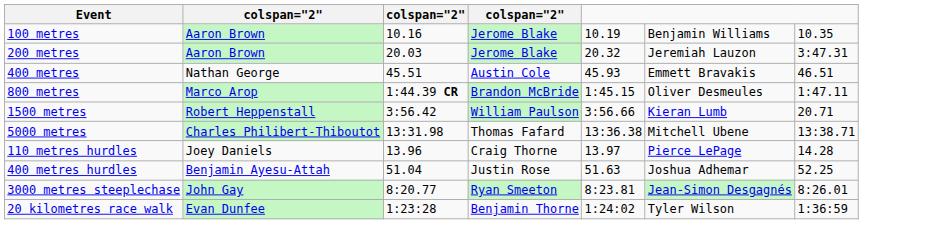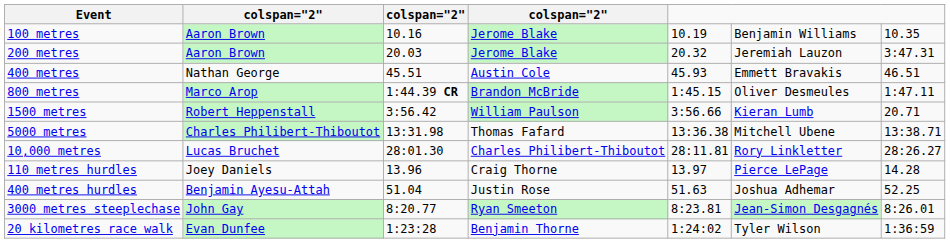 <table class="wikitable">
 <tr>
 <th>Event</th>
 <th>colspan="2" </th>
 <th>colspan="2" </th>
 <th>colspan="2" </th>
 </tr>
 <tr>
 <td><a href='#'>100 metres</a></td>
 <td bgcolor=#C4F7C4><a href='#'>Aaron Brown</a></td>
 <td>10.16</td>
 <td bgcolor=#C4F7C4><a href='#'>Jerome Blake</a></td>
 <td>10.19</td>
 <td>Benjamin Williams</td>
 <td>10.35</td>
 </tr>
 <tr>
 <td><a href='#'>200 metres</a></td>
 <td bgcolor=#C4F7C4><a href='#'>Aaron Brown</a></td>
 <td>20.03</td>
 <td bgcolor=#C4F7C4><a href='#'>Jerome Blake</a></td>
 <td>20.32</td>
 <td>Jeremiah Lauzon</td>
 <td>3:47.31</td>
 </tr>
 <tr>
 <td><a href='#'>400 metres</a></td>
 <td>Nathan George</td>
 <td>45.51</td>
 <td><a href='#'>Austin Cole</a></td>
 <td>45.93</td>
 <td>Emmett Bravakis</td>
 <td>46.51</td>
 </tr>
 <tr>
 <td><a href='#'>800 metres</a></td>
 <td bgcolor=#C4F7C4><a href='#'>Marco Arop</a></td>
 <td>1:44.39 <strong>CR</strong></td>
 <td bgcolor=#C4F7C4><a href='#'>Brandon McBride</a></td>
 <td>1:45.15</td>
 <td>Oliver Desmeules</td>
 <td>1:47.11</td>
 </tr>
 <tr>
 <td><a href='#'>1500 metres</a></td>
 <td bgcolor=#C4F7C4><a href='#'>Robert Heppenstall</a></td>
 <td>3:56.42</td>
 <td bgcolor=#C4F7C4><a href='#'>William Paulson</a></td>
 <td>3:56.66</td>
 <td><a href='#'>Kieran Lumb</a></td>
 <td>20.71</td>
 </tr>
 <tr>
 <td><a href='#'>5000 metres</a></td>
 <td bgcolor=#C4F7C4><a href='#'>Charles Philibert-Thiboutot</a></td>
 <td>13:31.98</td>
 <td>Thomas Fafard</td>
 <td>13:36.38</td>
 <td>Mitchell Ubene</td>
 <td>13:38.71</td>
 </tr>
 <tr>
+<td><a href='#'>10,000 metres</a></td>
+<td><a href='#'>Lucas Bruchet</a></td>
+<td>28:01.30</td>
+<td><a href='#'>Charles Philibert-Thiboutot</a></td>
+<td>28:11.81</td>
+<td><a href='#'>Rory Linkletter</a></td>
+<td>28:26.27</td>
+</tr>
+<tr>
 <td><a href='#'>110 metres hurdles</a></td>
 <td>Joey Daniels</td>
 <td>13.96</td>
 <td>Craig Thorne</td>
 <td>13.97</td>
 <td><a href='#'>Pierce LePage</a></td>
 <td>14.28</td>
 </tr>
 <tr>
 <td><a href='#'>400 metres hurdles</a></td>
 <td><a href='#'>Benjamin Ayesu-Attah</a></td>
 <td>51.04</td>
 <td>Justin Rose</td>
 <td>51.63</td>
 <td>Joshua Adhemar</td>
 <td>52.25</td>
 </tr>
 <tr>
 <td><a href='#'>3000 metres steeplechase</a></td>
 <td bgcolor=#C4F7C4><a href='#'>John Gay</a></td>
 <td>8:20.77</td>
 <td bgcolor=#C4F7C4><a href='#'>Ryan Smeeton</a></td>
 <td>8:23.81</td>
 <td bgcolor=#C4F7C4><a href='#'>Jean-Simon Desgagnés</a></td>
 <td>8:26.01</td>
 </tr>
 <tr>
 <td><a href='#'>20 kilometres race walk</a></td>
 <td bgcolor=#C4F7C4><a href='#'>Evan Dunfee</a></td>
 <td>1:23:28</td>
 <td><a href='#'>Benjamin Thorne</a></td>
 <td>1:24:02</td>
 <td>Tyler Wilson</td>
 <td>1:36:59</td>
 </tr>
 </table>
